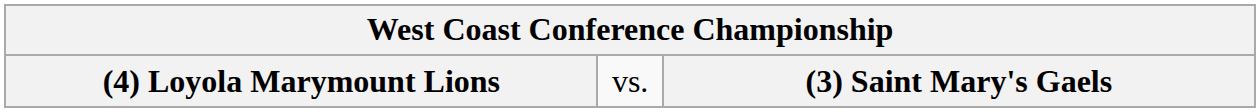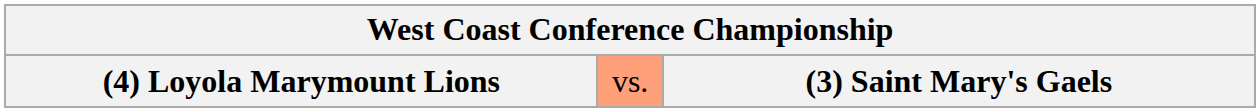 <table class="wikitable">
 <tr>
 <th style="width: 604px;" colspan=3>West Coast Conference Championship</th>
 </tr>
 <tr>
 <th style="width: 289px; ">(4) Loyola Marymount Lions</th>
-<td style="width: 25px; text-align:center">vs.</td>
+<td style="background: lightsalmon; width: 25px; text-align:center">vs.</td>
 <th style="width: 289px; ">(3) Saint Mary's Gaels</th>
 </tr>
 </table>
